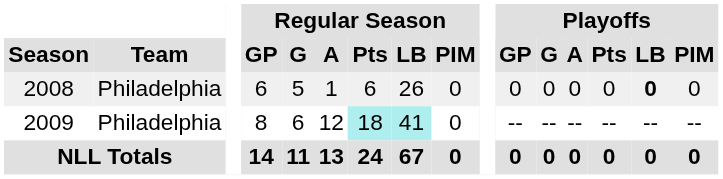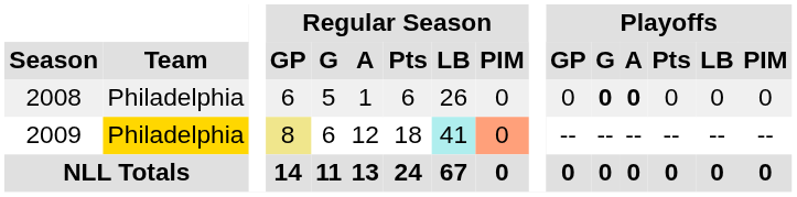 <table BORDER="0" CELLPADDING="3" CELLSPACING="0">
 <tr ALIGN="center" bgcolor="#e0e0e0">
 <th colspan="2" bgcolor="#ffffff"> </th>
 <th rowspan="99" bgcolor="#ffffff"> </th>
 <th colspan="6">Regular Season</th>
 <th rowspan="99" bgcolor="#ffffff"> </th>
 <th colspan="6">Playoffs</th>
 </tr>
 <tr ALIGN="center" bgcolor="#e0e0e0">
 <th>Season</th>
 <th>Team</th>
 <th>GP</th>
 <th>G</th>
 <th>A</th>
 <th>Pts</th>
 <th>LB</th>
 <th>PIM</th>
 <th>GP</th>
 <th>G</th>
 <th>A</th>
 <th>Pts</th>
 <th>LB</th>
 <th>PIM</th>
 </tr>
 <tr ALIGN="center" bgcolor="#f0f0f0">
 <td>2008</td>
 <td>Philadelphia</td>
 <td>6</td>
 <td>5</td>
 <td>1</td>
 <td>6</td>
 <td>26</td>
 <td>0</td>
 <td>0</td>
+<td><strong>0</strong></td>
+<td><strong>0</strong></td>
 <td>0</td>
 <td>0</td>
-<td>0</td>
-<td><strong>0</strong></td>
 <td>0</td>
 </tr>
 <tr ALIGN="center">
 <td>2009</td>
-<td>Philadelphia</td>
-<td>8</td>
+<td style="background: gold;">Philadelphia</td>
+<td style="background: khaki;">8</td>
 <td>6</td>
 <td>12</td>
-<td style="background: paleturquoise;">18</td>
+<td>18</td>
 <td style="background: paleturquoise;">41</td>
-<td>0</td>
+<td style="background: lightsalmon;">0</td>
 <td>--</td>
 <td>--</td>
 <td>--</td>
 <td>--</td>
 <td>--</td>
 <td>--</td>
 </tr>
 <tr ALIGN="center" bgcolor="#e0e0e0">
 <th colspan="2">NLL Totals</th>
 <th>14</th>
 <th>11</th>
 <th>13</th>
 <th>24</th>
 <th>67</th>
 <th>0</th>
 <th>0</th>
 <th>0</th>
 <th>0</th>
 <th>0</th>
 <th>0</th>
 <th>0</th>
 </tr>
 </table>
